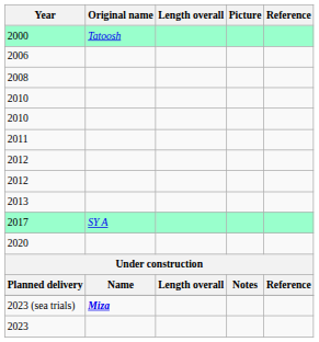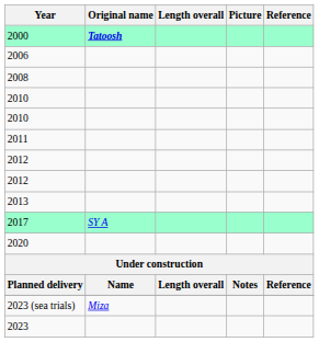 <table class="wikitable sortable" style=font-size:10pt;line-height:1.5>
 <tr>
 <th>Year</th>
 <th>Original name</th>
 <th>Length overall</th>
 <th>Picture</th>
 <th>Reference</th>
 </tr>
 <tr style=background-color:#9FC>
 <td>2000</td>
-<td><em><a href='#'>Tatoosh</a></em></td>
+<td><strong><em><a href='#'>Tatoosh</a></em></strong></td>
 <td></td>
 <td></td>
 <td></td>
 </tr>
 <tr>
 <td>2006</td>
 <td><em></em></td>
 <td></td>
 <td></td>
 <td></td>
 </tr>
 <tr>
 <td>2008</td>
 <td><em></em></td>
 <td></td>
 <td></td>
 <td></td>
 </tr>
 <tr>
 <td>2010</td>
 <td><em></em></td>
 <td></td>
 <td></td>
 <td></td>
 </tr>
 <tr>
 <td>2010</td>
 <td><em></em></td>
 <td></td>
 <td></td>
 <td></td>
 </tr>
 <tr>
 <td>2011</td>
 <td><em></em></td>
 <td></td>
 <td></td>
 <td></td>
 </tr>
 <tr>
 <td>2012</td>
 <td><em></em></td>
 <td></td>
 <td></td>
 <td></td>
 </tr>
 <tr>
 <td>2012</td>
 <td><em></em></td>
 <td></td>
 <td></td>
 <td></td>
 </tr>
 <tr>
 <td>2013</td>
 <td><em></em></td>
 <td></td>
 <td></td>
 <td></td>
 </tr>
 <tr style=background-color:#9FC>
 <td>2017</td>
 <td><em><a href='#'>SY A</a></em></td>
 <td></td>
 <td></td>
 <td></td>
 </tr>
 <tr>
 <td>2020</td>
 <td><em></em></td>
 <td></td>
 <td></td>
 <td></td>
 </tr>
 <tr>
 <th colspan="6">Under construction</th>
 </tr>
 <tr>
 <th>Planned delivery</th>
 <th>Name</th>
 <th>Length overall</th>
 <th>Notes</th>
 <th>Reference</th>
 </tr>
 <tr>
 </tr>
 <tr>
 <td>2023 (sea trials)</td>
-<td><strong><em><a href='#'>Miza</a></em></strong></td>
+<td><em><a href='#'>Miza</a></em></td>
 <td></td>
 <td></td>
 <td></td>
 </tr>
 <tr>
 <td>2023</td>
 <td><em></em></td>
 <td></td>
 <td></td>
 <td></td>
 </tr>
 </table>
